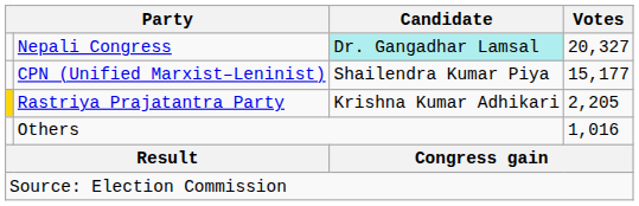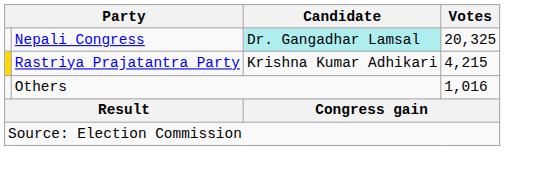 <table class="wikitable">
 <tr>
 <th colspan="2">Party</th>
 <th>Candidate</th>
 <th>Votes</th>
 </tr>
 <tr>
 <td style="background-color:"></td>
 <td><a href='#'>Nepali Congress</a></td>
 <td style="background: paleturquoise;">Dr. Gangadhar Lamsal</td>
-<td>20,327</td>
-</tr>
-<tr>
-<td style="background-color:"></td>
-<td><a href='#'>CPN (Unified Marxist–Leninist)</a></td>
-<td>Shailendra Kumar Piya</td>
-<td>15,177</td>
+<td>20,325</td>
 </tr>
 <tr>
 <td style="background-color:gold"></td>
 <td><a href='#'>Rastriya Prajatantra Party</a></td>
 <td>Krishna Kumar Adhikari</td>
-<td>2,205</td>
+<td>4,215</td>
 </tr>
 <tr>
 <td></td>
 <td colspan="2">Others</td>
 <td>1,016</td>
 </tr>
 <tr>
 <th colspan="2">Result</th>
 <th colspan="2">Congress gain</th>
 </tr>
 <tr>
 <td colspan="4">Source: Election Commission</td>
 </tr>
 </table>
